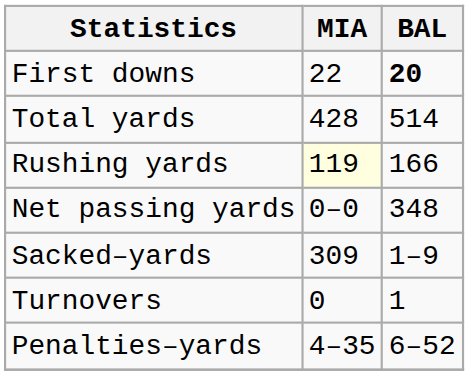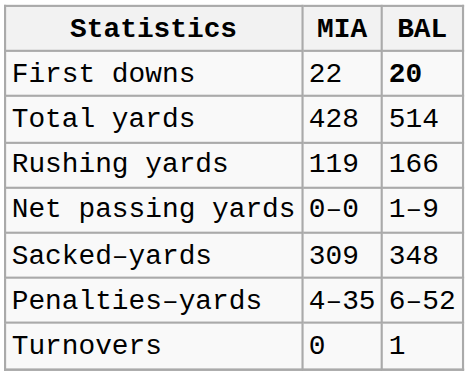 <table class="wikitable" style="float: left;">
 <tr>
 <th>Statistics</th>
 <th>MIA</th>
 <th>BAL</th>
 </tr>
 <tr>
 <td>First downs</td>
 <td>22</td>
 <td><strong>20</strong></td>
 </tr>
 <tr>
 <td>Total yards</td>
 <td>428</td>
 <td>514</td>
 </tr>
 <tr>
 <td>Rushing yards</td>
-<td style="background: lightyellow;">119</td>
+<td>119</td>
 <td>166</td>
 </tr>
 <tr>
 <td>Net passing yards</td>
 <td>0–0</td>
-<td>348</td>
+<td>1–9</td>
 </tr>
 <tr>
 <td>Sacked–yards</td>
 <td>309</td>
-<td>1–9</td>
+<td>348</td>
+</tr>
+<tr>
+<td>Penalties–yards</td>
+<td>4–35</td>
+<td>6–52</td>
 </tr>
 <tr>
 <td>Turnovers</td>
 <td>0</td>
 <td>1</td>
 </tr>
 <tr>
-<td>Penalties–yards</td>
-<td>4–35</td>
-<td>6–52</td>
-</tr>
-<tr>
 </tr>
 </table>
